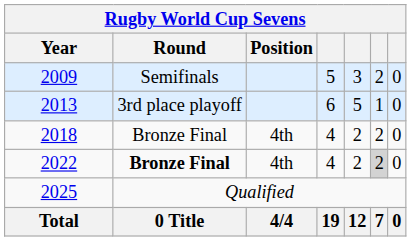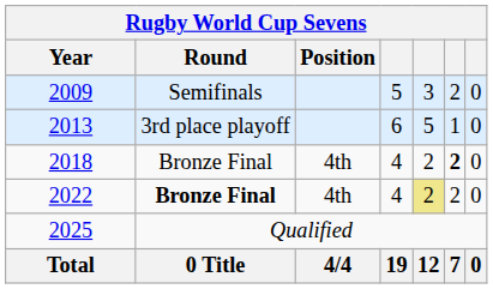 <table class="wikitable" style="text-align: center;">
 <tr>
 <th colspan=7><a href='#'>Rugby World Cup Sevens</a></th>
 </tr>
 <tr>
 <th style="width:5.5em;">Year</th>
 <th>Round</th>
 <th>Position</th>
 <th></th>
 <th></th>
 <th></th>
 <th></th>
 </tr>
 <tr style="background:#def;">
 <td> <a href='#'>2009</a></td>
 <td>Semifinals</td>
 <td></td>
 <td>5</td>
 <td>3</td>
 <td>2</td>
 <td>0</td>
 </tr>
 <tr style="background:#def;">
 <td> <a href='#'>2013</a></td>
 <td>3rd place playoff</td>
 <td></td>
 <td>6</td>
 <td>5</td>
 <td>1</td>
 <td>0</td>
 </tr>
 <tr>
 <td> <a href='#'>2018</a></td>
 <td>Bronze Final</td>
 <td>4th</td>
 <td>4</td>
 <td>2</td>
-<td>2</td>
+<td><strong>2</strong></td>
 <td>0</td>
 </tr>
 <tr>
 <td> <a href='#'>2022</a></td>
 <td><strong>Bronze Final</strong></td>
 <td>4th</td>
 <td>4</td>
+<td style="background: khaki;">2</td>
 <td>2</td>
-<td style="background: lightgrey;">2</td>
 <td>0</td>
 </tr>
 <tr>
 <td> <a href='#'>2025</a></td>
 <td colspan=6><em>Qualified</em></td>
 </tr>
 <tr>
 <th>Total</th>
 <th>0 Title</th>
 <th>4/4</th>
 <th>19</th>
 <th>12</th>
 <th>7</th>
 <th>0</th>
 </tr>
 </table>
